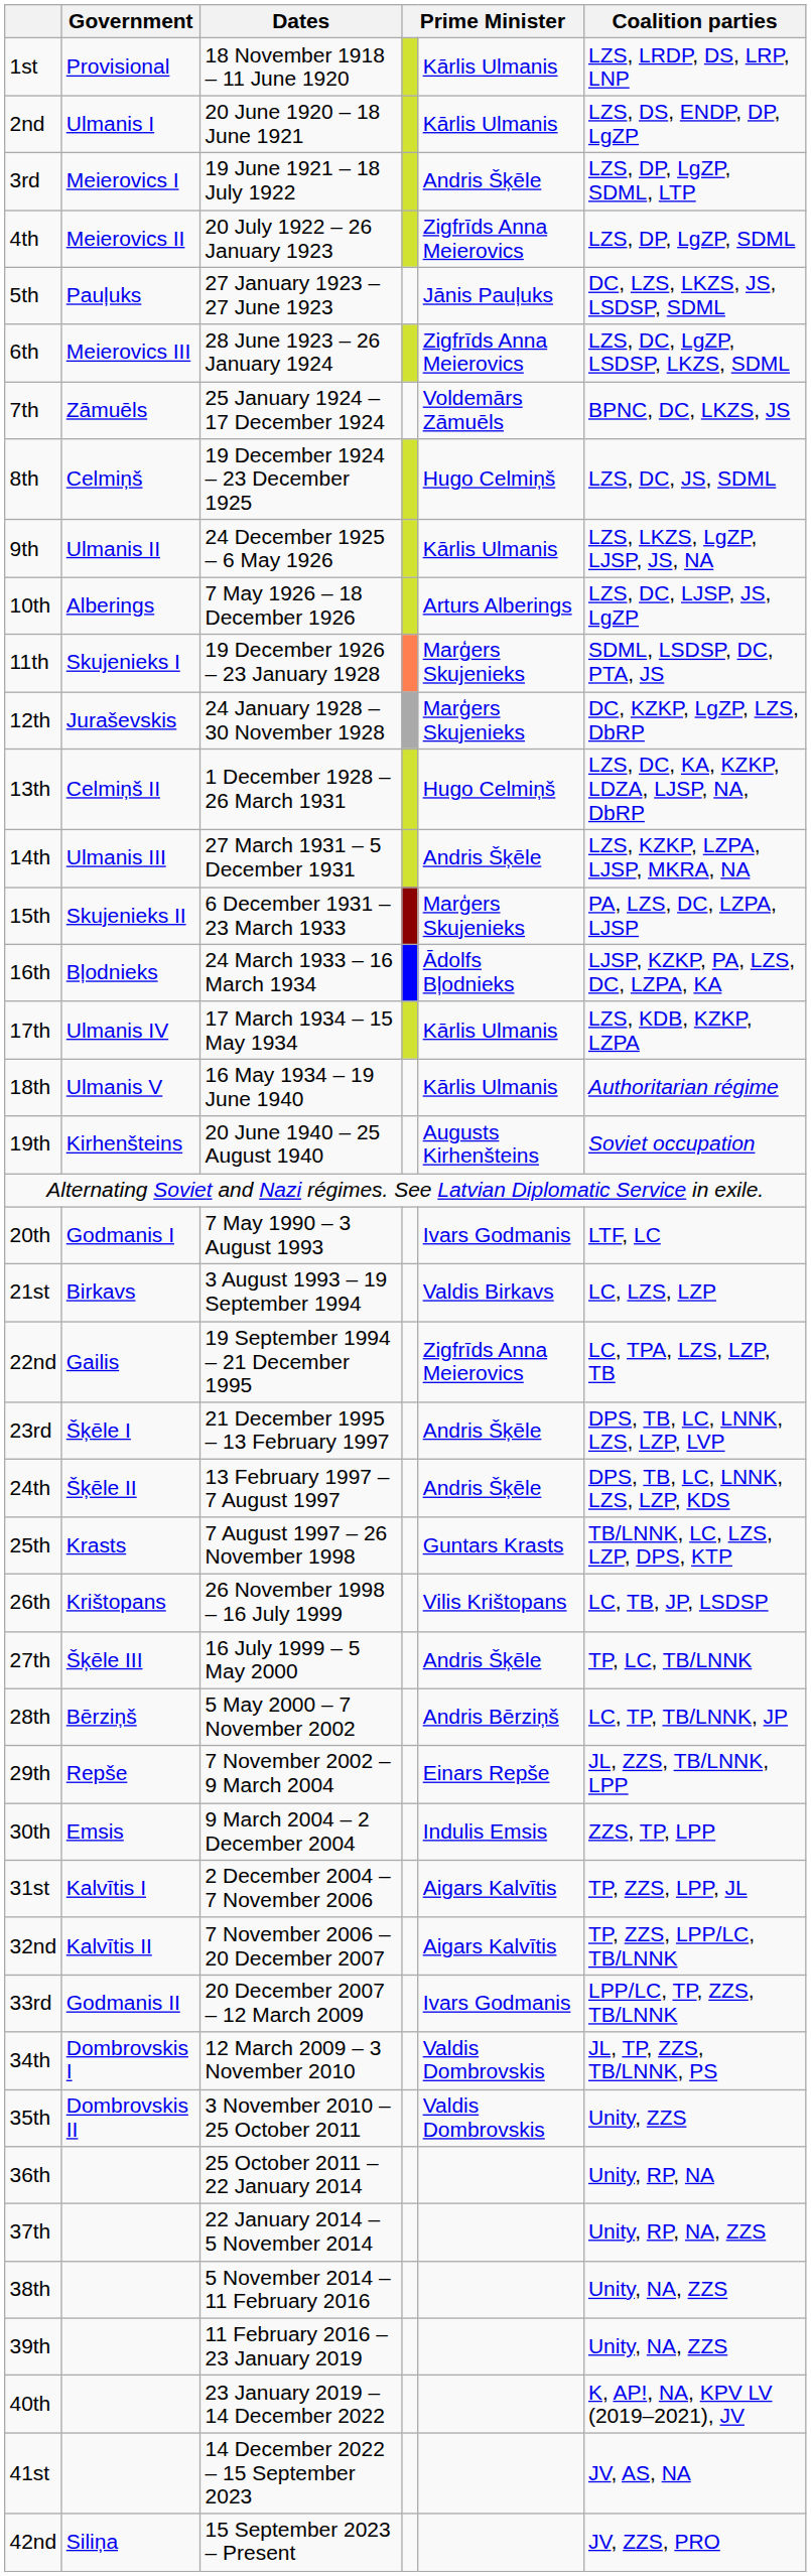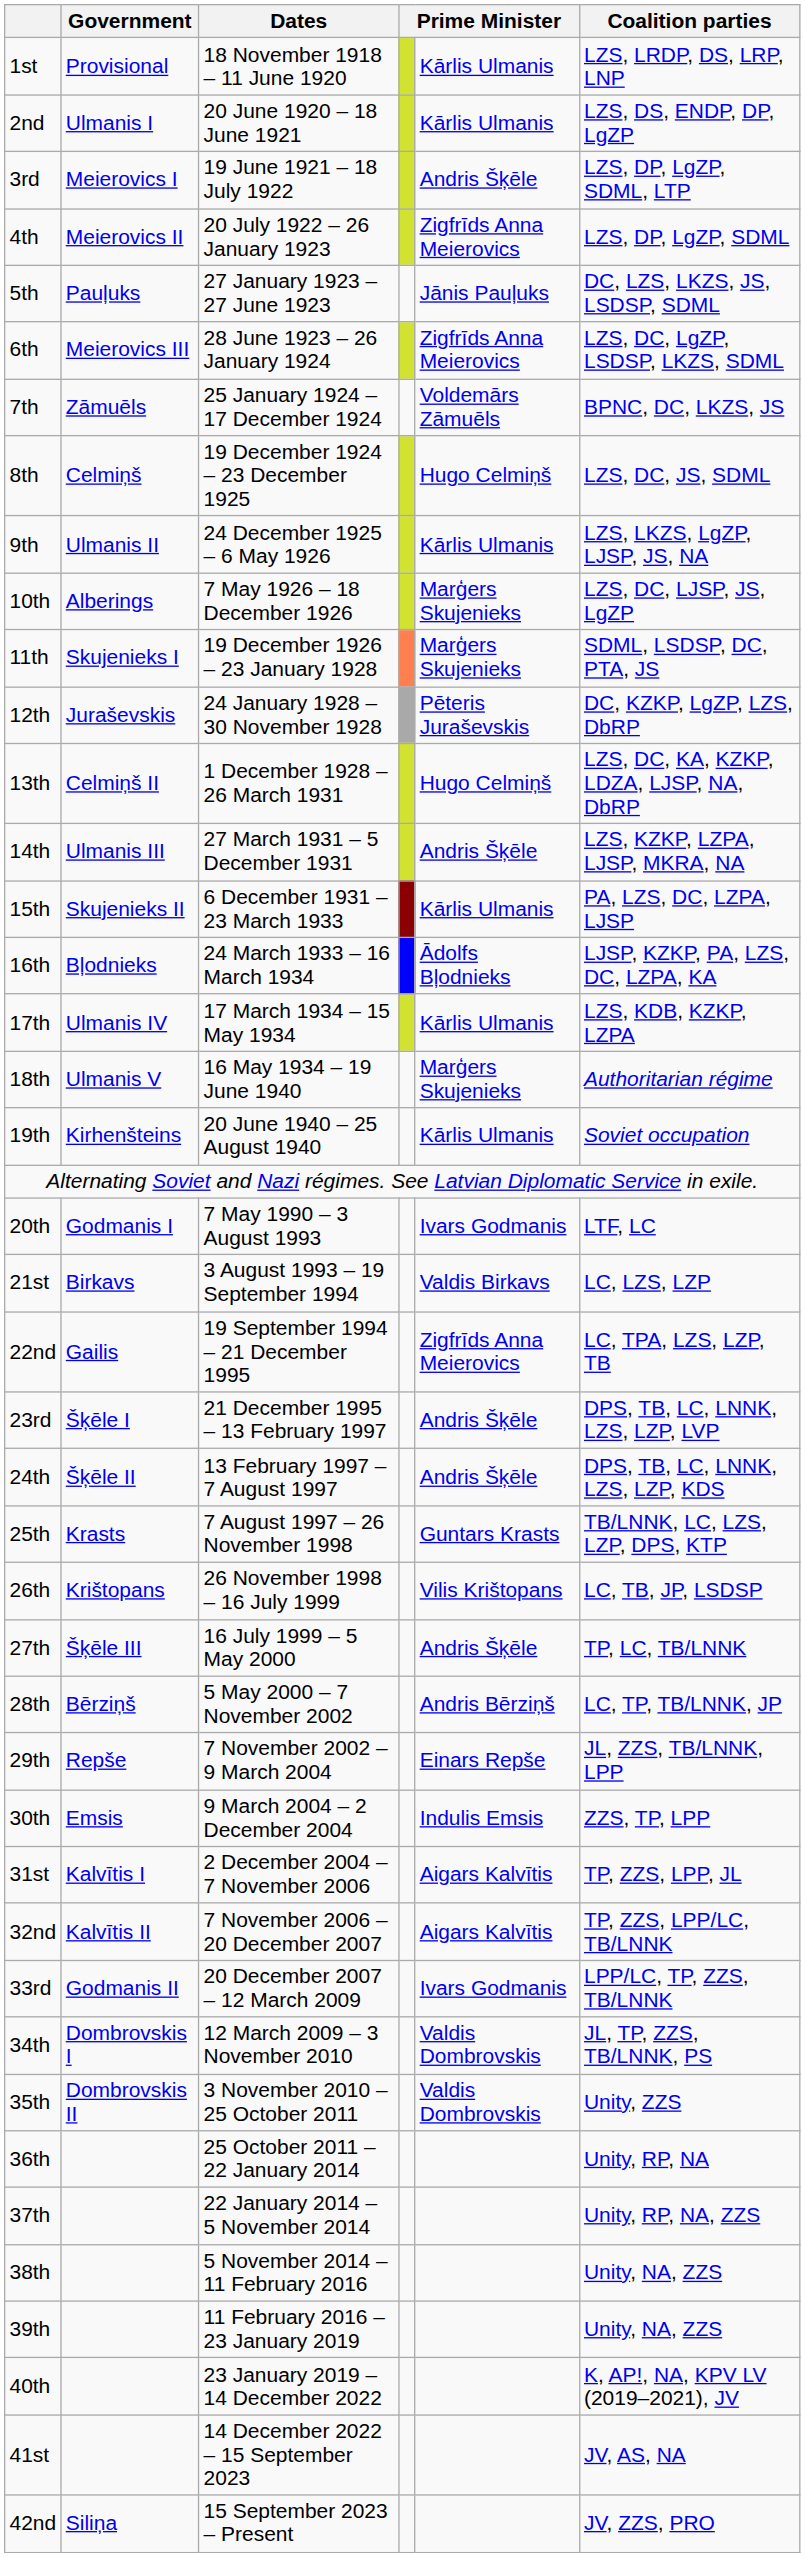 <table class="wikitable sortable">
 <tr>
 <th></th>
 <th>Government</th>
 <th>Dates</th>
 <th colspan=2>Prime Minister</th>
 <th>Coalition parties</th>
 </tr>
 <tr>
 <td>1st</td>
 <td><a href='#'>Provisional</a></td>
 <td>18 November 1918 – 11 June 1920</td>
 <td width=5px style="background-color: #D1E231"></td>
 <td><a href='#'>Kārlis Ulmanis</a></td>
 <td><a href='#'>LZS</a>, <a href='#'>LRDP</a>, <a href='#'>DS</a>, <a href='#'>LRP</a>, <a href='#'>LNP</a></td>
 </tr>
 <tr>
 <td>2nd</td>
 <td><a href='#'>Ulmanis I</a></td>
 <td>20 June 1920 – 18 June 1921</td>
 <td width=5px style="background-color: #D1E231"></td>
 <td><a href='#'>Kārlis Ulmanis</a></td>
 <td><a href='#'>LZS</a>, <a href='#'>DS</a>, <a href='#'>ENDP</a>, <a href='#'>DP</a>, <a href='#'>LgZP</a></td>
 </tr>
 <tr>
 <td>3rd</td>
 <td><a href='#'>Meierovics I</a></td>
 <td>19 June 1921 – 18 July 1922</td>
 <td width=5px style="background-color: #D1E231"></td>
 <td><a href='#'>Andris Šķēle</a></td>
 <td><a href='#'>LZS</a>, <a href='#'>DP</a>, <a href='#'>LgZP</a>, <a href='#'>SDML</a>, <a href='#'>LTP</a></td>
 </tr>
 <tr>
 <td>4th</td>
 <td><a href='#'>Meierovics II</a></td>
 <td>20 July 1922 – 26 January 1923</td>
 <td width=5px style="background-color: #D1E231"></td>
 <td><a href='#'>Zigfrīds Anna Meierovics</a></td>
 <td><a href='#'>LZS</a>, <a href='#'>DP</a>, <a href='#'>LgZP</a>, <a href='#'>SDML</a></td>
 </tr>
 <tr>
 <td>5th</td>
 <td><a href='#'>Pauļuks</a></td>
 <td>27 January 1923 – 27 June 1923</td>
 <td style="background-color: "></td>
 <td><a href='#'>Jānis Pauļuks</a></td>
 <td><a href='#'>DC</a>, <a href='#'>LZS</a>, <a href='#'>LKZS</a>, <a href='#'>JS</a>, <a href='#'>LSDSP</a>, <a href='#'>SDML</a></td>
 </tr>
 <tr>
 <td>6th</td>
 <td><a href='#'>Meierovics III</a></td>
 <td>28 June 1923 – 26 January 1924</td>
 <td width=5px style="background-color: #D1E231"></td>
 <td><a href='#'>Zigfrīds Anna Meierovics</a></td>
 <td><a href='#'>LZS</a>, <a href='#'>DC</a>, <a href='#'>LgZP</a>, <a href='#'>LSDSP</a>, <a href='#'>LKZS</a>, <a href='#'>SDML</a></td>
 </tr>
 <tr>
 <td>7th</td>
 <td><a href='#'>Zāmuēls</a></td>
 <td>25 January 1924 – 17 December 1924</td>
 <td style="background-color: "></td>
 <td><a href='#'>Voldemārs Zāmuēls</a></td>
 <td><a href='#'>BPNC</a>, <a href='#'>DC</a>, <a href='#'>LKZS</a>, <a href='#'>JS</a></td>
 </tr>
 <tr>
 <td>8th</td>
 <td><a href='#'>Celmiņš</a></td>
 <td>19 December 1924 – 23 December 1925</td>
 <td width=5px style="background-color: #D1E231"></td>
 <td><a href='#'>Hugo Celmiņš</a></td>
 <td><a href='#'>LZS</a>, <a href='#'>DC</a>, <a href='#'>JS</a>, <a href='#'>SDML</a></td>
 </tr>
 <tr>
 <td>9th</td>
 <td><a href='#'>Ulmanis II</a></td>
 <td>24 December 1925 – 6 May 1926</td>
 <td width=5px style="background-color: #D1E231"></td>
 <td><a href='#'>Kārlis Ulmanis</a></td>
 <td><a href='#'>LZS</a>, <a href='#'>LKZS</a>, <a href='#'>LgZP</a>, <a href='#'>LJSP</a>, <a href='#'>JS</a>, <a href='#'>NA</a></td>
 </tr>
 <tr>
 <td>10th</td>
 <td><a href='#'>Alberings</a></td>
 <td>7 May 1926 – 18 December 1926</td>
 <td width=5px style="background-color: #D1E231"></td>
-<td><a href='#'>Arturs Alberings</a></td>
+<td><a href='#'>Marģers Skujenieks</a></td>
 <td><a href='#'>LZS</a>, <a href='#'>DC</a>, <a href='#'>LJSP</a>, <a href='#'>JS</a>, <a href='#'>LgZP</a></td>
 </tr>
 <tr>
 <td>11th</td>
 <td><a href='#'>Skujenieks I</a></td>
 <td>19 December 1926 – 23 January 1928</td>
 <td width=5px style="background-color: coral"></td>
 <td><a href='#'>Marģers Skujenieks</a></td>
 <td><a href='#'>SDML</a>, <a href='#'>LSDSP</a>, <a href='#'>DC</a>, <a href='#'>PTA</a>, <a href='#'>JS</a></td>
 </tr>
 <tr>
 <td>12th</td>
 <td><a href='#'>Juraševskis</a></td>
 <td>24 January 1928 – 30 November 1928</td>
 <td width=5px style="background-color: darkgrey"></td>
-<td><a href='#'>Marģers Skujenieks</a></td>
+<td><a href='#'>Pēteris Juraševskis</a></td>
 <td><a href='#'>DC</a>, <a href='#'>KZKP</a>, <a href='#'>LgZP</a>, <a href='#'>LZS</a>, <a href='#'>DbRP</a></td>
 </tr>
 <tr>
 <td>13th</td>
 <td><a href='#'>Celmiņš II</a></td>
 <td>1 December 1928 – 26 March 1931</td>
 <td width=5px style="background-color: #D1E231"></td>
 <td><a href='#'>Hugo Celmiņš</a></td>
 <td><a href='#'>LZS</a>, <a href='#'>DC</a>, <a href='#'>KA</a>, <a href='#'>KZKP</a>, <a href='#'>LDZA</a>, <a href='#'>LJSP</a>, <a href='#'>NA</a>, <a href='#'>DbRP</a></td>
 </tr>
 <tr>
 <td>14th</td>
 <td><a href='#'>Ulmanis III</a></td>
 <td>27 March 1931 – 5 December 1931</td>
 <td width=5px style="background-color: #D1E231"></td>
 <td><a href='#'>Andris Šķēle</a></td>
 <td><a href='#'>LZS</a>, <a href='#'>KZKP</a>, <a href='#'>LZPA</a>, <a href='#'>LJSP</a>, <a href='#'>MKRA</a>, <a href='#'>NA</a></td>
 </tr>
 <tr>
 <td>15th</td>
 <td><a href='#'>Skujenieks II</a></td>
 <td>6 December 1931 – 23 March 1933</td>
 <td width=5px style="background-color: darkred"></td>
-<td><a href='#'>Marģers Skujenieks</a></td>
+<td><a href='#'>Kārlis Ulmanis</a></td>
 <td><a href='#'>PA</a>, <a href='#'>LZS</a>, <a href='#'>DC</a>, <a href='#'>LZPA</a>, <a href='#'>LJSP</a></td>
 </tr>
 <tr>
 <td>16th</td>
 <td><a href='#'>Bļodnieks</a></td>
 <td>24 March 1933 – 16 March 1934</td>
 <td width=5px style="background-color: blue"></td>
 <td><a href='#'>Ādolfs Bļodnieks</a></td>
 <td><a href='#'>LJSP</a>, <a href='#'>KZKP</a>, <a href='#'>PA</a>, <a href='#'>LZS</a>, <a href='#'>DC</a>, <a href='#'>LZPA</a>, <a href='#'>KA</a></td>
 </tr>
 <tr>
 <td>17th</td>
 <td><a href='#'>Ulmanis IV</a></td>
 <td>17 March 1934 – 15 May 1934</td>
 <td width=5px style="background-color: #D1E231"></td>
 <td><a href='#'>Kārlis Ulmanis</a></td>
 <td><a href='#'>LZS</a>, <a href='#'>KDB</a>, <a href='#'>KZKP</a>, <a href='#'>LZPA</a></td>
 </tr>
 <tr>
 <td>18th</td>
 <td><a href='#'>Ulmanis V</a></td>
 <td>16 May 1934 – 19 June 1940</td>
 <td width=5px style="background-color: none"></td>
-<td><a href='#'>Kārlis Ulmanis</a></td>
+<td><a href='#'>Marģers Skujenieks</a></td>
 <td><em><a href='#'>Authoritarian régime</a></em></td>
 </tr>
 <tr>
 <td>19th</td>
 <td><a href='#'>Kirhenšteins</a></td>
 <td>20 June 1940 – 25 August 1940</td>
 <td width=5px style="background-color: none"></td>
-<td><a href='#'>Augusts Kirhenšteins</a></td>
+<td><a href='#'>Kārlis Ulmanis</a></td>
 <td><em><a href='#'>Soviet occupation</a></em></td>
 </tr>
 <tr>
 <td colspan="6" style="text-align: center;"><em>Alternating <a href='#'>Soviet</a> and <a href='#'>Nazi</a> régimes. See <a href='#'>Latvian Diplomatic Service</a> in exile.</em></td>
 </tr>
 <tr>
 <td>20th</td>
 <td><a href='#'>Godmanis I</a></td>
 <td>7 May 1990 – 3 August 1993</td>
 <td width=5px style="background-color: "></td>
 <td><a href='#'>Ivars Godmanis</a></td>
 <td><a href='#'>LTF</a>, <a href='#'>LC</a></td>
 </tr>
 <tr>
 <td>21st</td>
 <td><a href='#'>Birkavs</a></td>
 <td>3 August 1993 – 19 September 1994</td>
 <td style="background-color: "></td>
 <td><a href='#'>Valdis Birkavs</a></td>
 <td><a href='#'>LC</a>, <a href='#'>LZS</a>, <a href='#'>LZP</a></td>
 </tr>
 <tr>
 <td>22nd</td>
 <td><a href='#'>Gailis</a></td>
 <td>19 September 1994 – 21 December 1995</td>
 <td style="background-color: "></td>
 <td><a href='#'>Zigfrīds Anna Meierovics</a></td>
 <td><a href='#'>LC</a>, <a href='#'>TPA</a>, <a href='#'>LZS</a>, <a href='#'>LZP</a>, <a href='#'>TB</a></td>
 </tr>
 <tr>
 <td>23rd</td>
 <td><a href='#'>Šķēle I</a></td>
 <td>21 December 1995 – 13 February 1997</td>
 <td style="background-color: "></td>
 <td><a href='#'>Andris Šķēle</a></td>
 <td><a href='#'>DPS</a>, <a href='#'>TB</a>, <a href='#'>LC</a>, <a href='#'>LNNK</a>, <a href='#'>LZS</a>, <a href='#'>LZP</a>, <a href='#'>LVP</a></td>
 </tr>
 <tr>
 <td>24th</td>
 <td><a href='#'>Šķēle II</a></td>
 <td>13 February 1997 – 7 August 1997</td>
 <td style="background-color: "></td>
 <td><a href='#'>Andris Šķēle</a></td>
 <td><a href='#'>DPS</a>, <a href='#'>TB</a>, <a href='#'>LC</a>, <a href='#'>LNNK</a>, <a href='#'>LZS</a>, <a href='#'>LZP</a>, <a href='#'>KDS</a></td>
 </tr>
 <tr>
 <td>25th</td>
 <td><a href='#'>Krasts</a></td>
 <td>7 August 1997 – 26 November 1998</td>
 <td style="background-color: "></td>
 <td><a href='#'>Guntars Krasts</a></td>
 <td><a href='#'>TB/LNNK</a>, <a href='#'>LC</a>, <a href='#'>LZS</a>, <a href='#'>LZP</a>, <a href='#'>DPS</a>, <a href='#'>KTP</a></td>
 </tr>
 <tr>
 <td>26th</td>
 <td><a href='#'>Krištopans</a></td>
 <td>26 November 1998 – 16 July 1999</td>
 <td style="background-color: "></td>
 <td><a href='#'>Vilis Krištopans</a></td>
 <td><a href='#'>LC</a>, <a href='#'>TB</a>, <a href='#'>JP</a>, <a href='#'>LSDSP</a></td>
 </tr>
 <tr>
 <td>27th</td>
 <td><a href='#'>Šķēle III</a></td>
 <td>16 July 1999 – 5 May 2000</td>
 <td style="background-color: "></td>
 <td><a href='#'>Andris Šķēle</a></td>
 <td><a href='#'>TP</a>, <a href='#'>LC</a>, <a href='#'>TB/LNNK</a></td>
 </tr>
 <tr>
 <td>28th</td>
 <td><a href='#'>Bērziņš</a></td>
 <td>5 May 2000 – 7 November 2002</td>
 <td style="background-color: "></td>
 <td><a href='#'>Andris Bērziņš</a></td>
 <td><a href='#'>LC</a>, <a href='#'>TP</a>, <a href='#'>TB/LNNK</a>, <a href='#'>JP</a></td>
 </tr>
 <tr>
 <td>29th</td>
 <td><a href='#'>Repše</a></td>
 <td>7 November 2002 – 9 March 2004</td>
 <td style="background-color: "></td>
 <td><a href='#'>Einars Repše</a></td>
 <td><a href='#'>JL</a>, <a href='#'>ZZS</a>, <a href='#'>TB/LNNK</a>, <a href='#'>LPP</a></td>
 </tr>
 <tr>
 <td>30th</td>
 <td><a href='#'>Emsis</a></td>
 <td>9 March 2004 – 2 December 2004</td>
 <td style="background-color: "></td>
 <td><a href='#'>Indulis Emsis</a></td>
 <td><a href='#'>ZZS</a>, <a href='#'>TP</a>, <a href='#'>LPP</a></td>
 </tr>
 <tr>
 <td>31st</td>
 <td><a href='#'>Kalvītis I</a></td>
 <td>2 December 2004 – 7 November 2006</td>
 <td style="background-color: "></td>
 <td><a href='#'>Aigars Kalvītis</a></td>
 <td><a href='#'>TP</a>, <a href='#'>ZZS</a>, <a href='#'>LPP</a>, <a href='#'>JL</a></td>
 </tr>
 <tr>
 <td>32nd</td>
 <td><a href='#'>Kalvītis II</a></td>
 <td>7 November 2006 – 20 December 2007</td>
 <td style="background-color: "></td>
 <td><a href='#'>Aigars Kalvītis</a></td>
 <td><a href='#'>TP</a>, <a href='#'>ZZS</a>, <a href='#'>LPP/LC</a>, <a href='#'>TB/LNNK</a></td>
 </tr>
 <tr>
 <td>33rd</td>
 <td><a href='#'>Godmanis II</a></td>
 <td>20 December 2007 – 12 March 2009</td>
 <td style="background-color: "></td>
 <td><a href='#'>Ivars Godmanis</a></td>
 <td><a href='#'>LPP/LC</a>, <a href='#'>TP</a>, <a href='#'>ZZS</a>, <a href='#'>TB/LNNK</a></td>
 </tr>
 <tr>
 <td>34th</td>
 <td><a href='#'>Dombrovskis I</a></td>
 <td>12 March 2009 – 3 November 2010</td>
 <td style="background-color: "></td>
 <td><a href='#'>Valdis Dombrovskis</a></td>
 <td><a href='#'>JL</a>, <a href='#'>TP</a>, <a href='#'>ZZS</a>, <a href='#'>TB/LNNK</a>, <a href='#'>PS</a></td>
 </tr>
 <tr>
 <td>35th</td>
 <td><a href='#'>Dombrovskis II</a></td>
 <td>3 November 2010 – 25 October 2011</td>
 <td style="background-color: "></td>
 <td><a href='#'>Valdis Dombrovskis</a></td>
 <td><a href='#'>Unity</a>, <a href='#'>ZZS</a></td>
 </tr>
 <tr>
 <td>36th</td>
 <td></td>
 <td>25 October 2011 – 22 January 2014</td>
 <td style="background-color: "></td>
 <td></td>
 <td><a href='#'>Unity</a>, <a href='#'>RP</a>, <a href='#'>NA</a></td>
 </tr>
 <tr>
 <td>37th</td>
 <td></td>
 <td>22 January 2014 – 5 November 2014</td>
 <td style="background-color: "></td>
 <td></td>
 <td><a href='#'>Unity</a>, <a href='#'>RP</a>, <a href='#'>NA</a>, <a href='#'>ZZS</a></td>
 </tr>
 <tr>
 <td>38th</td>
 <td></td>
 <td>5 November 2014 – 11 February 2016</td>
 <td style="background-color: "></td>
 <td></td>
 <td><a href='#'>Unity</a>, <a href='#'>NA</a>, <a href='#'>ZZS</a></td>
 </tr>
 <tr>
 <td>39th</td>
 <td></td>
 <td>11 February 2016 – 23 January 2019</td>
 <td style="background-color: "></td>
 <td></td>
 <td><a href='#'>Unity</a>, <a href='#'>NA</a>, <a href='#'>ZZS</a></td>
 </tr>
 <tr>
 <td>40th</td>
 <td></td>
 <td>23 January 2019 – 14 December 2022</td>
 <td style="background-color: "></td>
 <td></td>
 <td><a href='#'>K</a>, <a href='#'>AP!</a>, <a href='#'>NA</a>, <a href='#'>KPV LV</a> (2019–2021), <a href='#'>JV</a></td>
 </tr>
 <tr>
 <td>41st</td>
 <td></td>
 <td>14 December 2022 – 15 September 2023</td>
 <td style="background-color: "></td>
 <td></td>
 <td><a href='#'>JV</a>, <a href='#'>AS</a>, <a href='#'>NA</a></td>
 </tr>
 <tr>
 <td>42nd</td>
 <td><a href='#'>Siliņa</a></td>
 <td>15 September 2023 – Present</td>
 <td style="background-color: "></td>
 <td></td>
 <td><a href='#'>JV</a>, <a href='#'>ZZS</a>, <a href='#'>PRO</a></td>
 </tr>
 </table>
